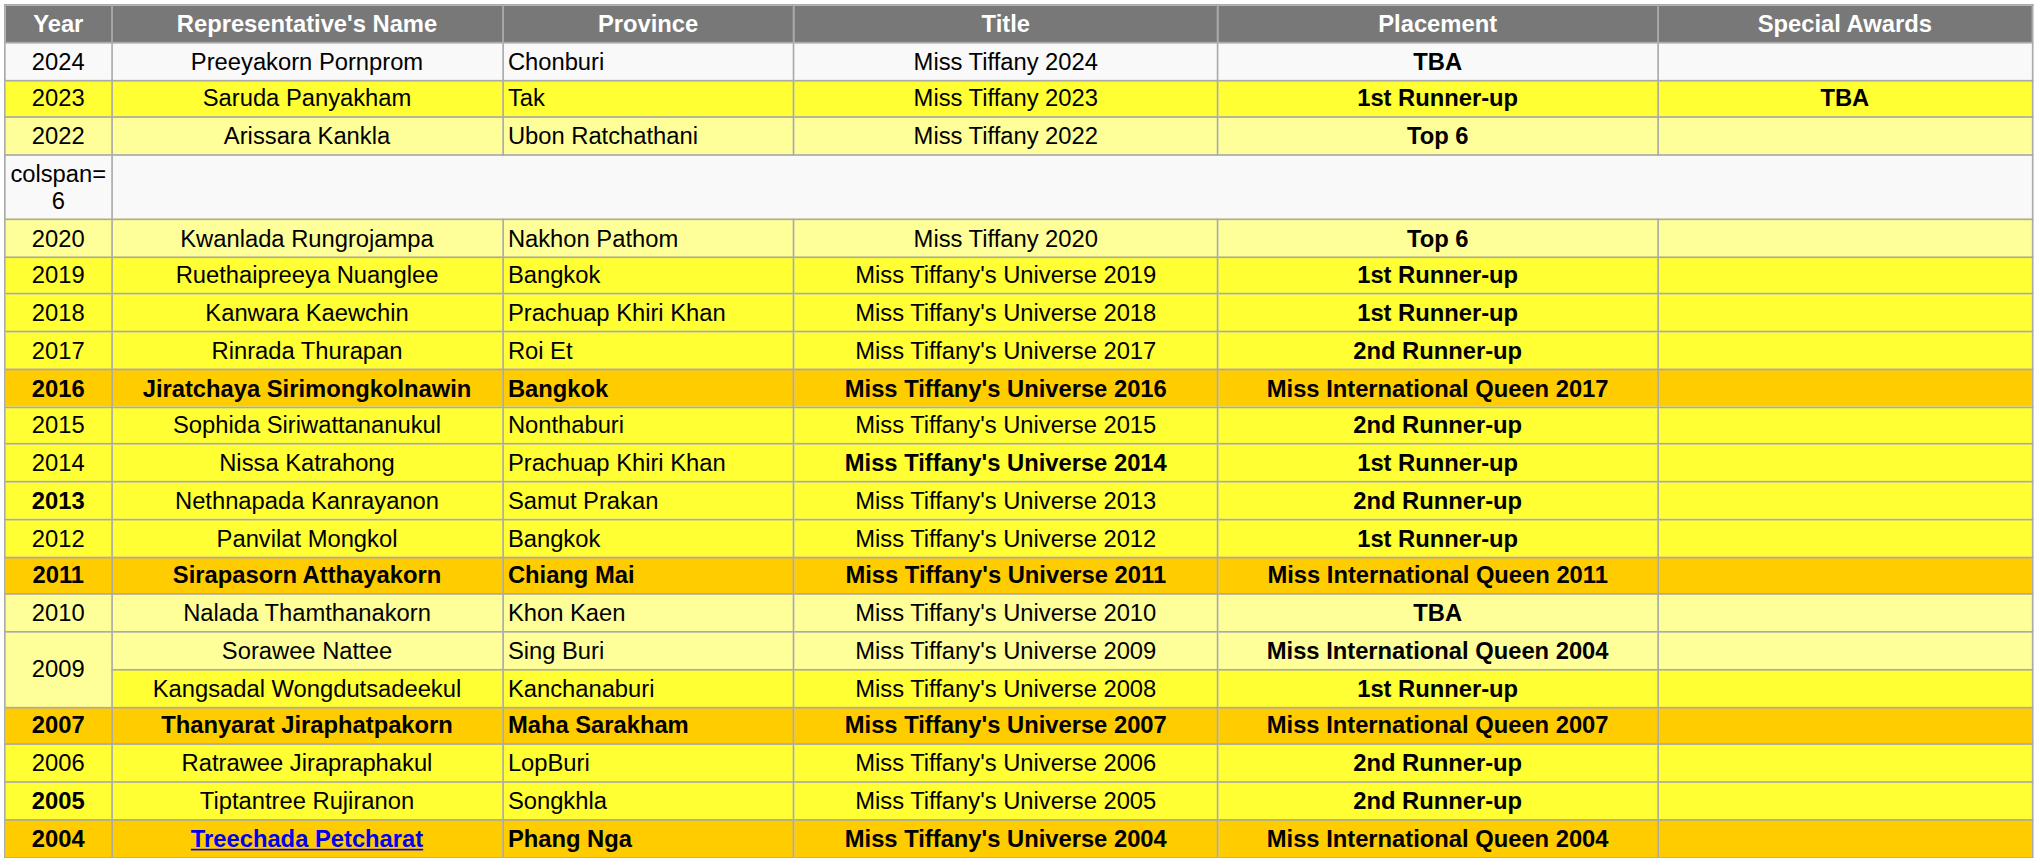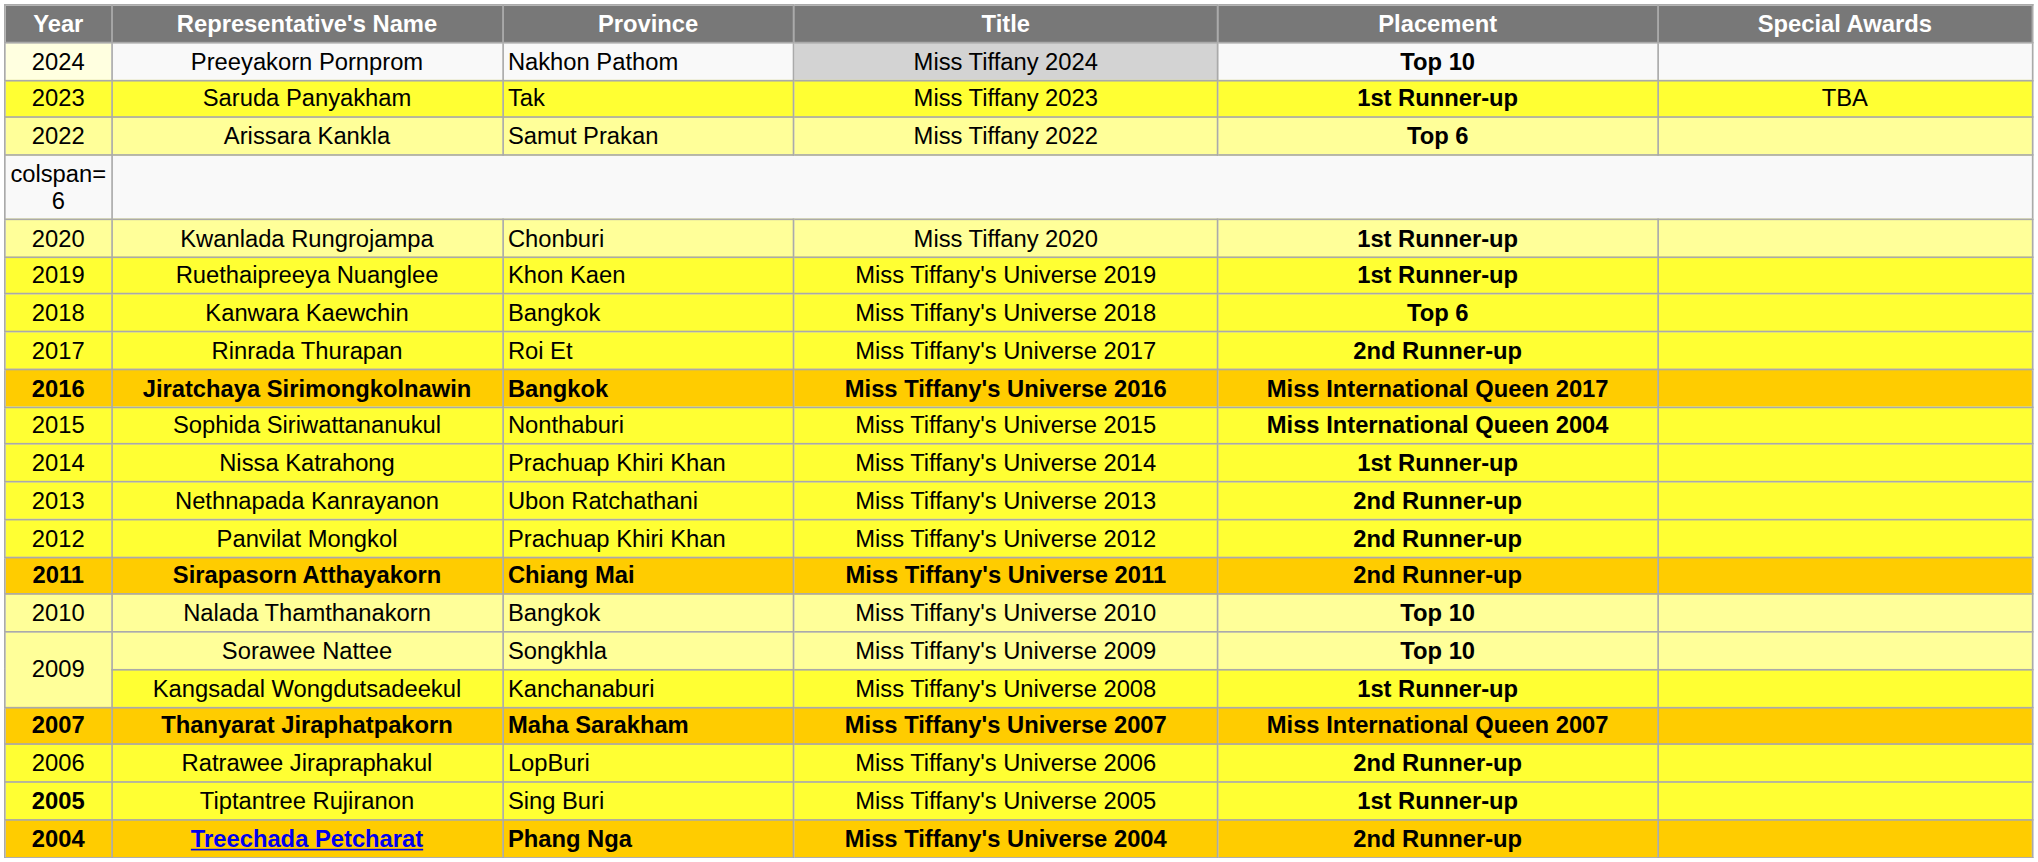 <table class="wikitable" style="font-size: 90%; text-align:center">
 <tr>
 <th width="40" style="background-color:#787878;color:#FFFFFF;">Year</th>
 <th width="230" style="background-color:#787878;color:#FFFFFF;">Representative's Name</th>
 <th width="170" style="background-color:#787878;color:#FFFFFF;">Province</th>
 <th width="250" style="background-color:#787878;color:#FFFFFF;">Title</th>
 <th width="260" style="background-color:#787878;color:#FFFFFF;">Placement</th>
 <th width="220" style="background-color:#787878;color:#FFFFFF;">Special Awards</th>
 </tr>
 <tr>
-<td>2024</td>
+<td style="background: lightyellow;">2024</td>
 <td>Preeyakorn Pornprom</td>
-<td align=left>Chonburi</td>
-<td>Miss Tiffany 2024</td>
-<td><strong>TBA</strong></td>
+<td align=left>Nakhon Pathom</td>
+<td style="background: lightgrey;">Miss Tiffany 2024</td>
+<td><strong>Top 10</strong></td>
 </tr>
 <tr style="background-color:#FFFF33">
 <td>2023</td>
 <td>Saruda Panyakham</td>
 <td align=left>Tak</td>
 <td>Miss Tiffany 2023</td>
 <td><strong>1st Runner-up</strong></td>
-<td><strong>TBA</strong></td>
+<td>TBA</td>
 </tr>
 <tr style="background-color:#FFFF99">
 <td>2022</td>
 <td>Arissara Kankla</td>
-<td align=left>Ubon Ratchathani</td>
+<td align=left>Samut Prakan</td>
 <td>Miss Tiffany 2022</td>
 <td><strong>Top 6</strong></td>
 <td style="background:;"></td>
 </tr>
 <tr>
 <td>colspan= 6 </td>
 </tr>
 <tr style="background-color:#FFFF99">
 <td>2020</td>
 <td>Kwanlada Rungrojampa</td>
-<td align=left>Nakhon Pathom</td>
+<td align=left>Chonburi</td>
 <td>Miss Tiffany 2020</td>
-<td><strong>Top 6</strong></td>
+<td><strong>1st Runner-up</strong></td>
 <td style="background:;"></td>
 </tr>
 <tr style="background-color:#FFFF33">
 <td>2019</td>
 <td>Ruethaipreeya Nuanglee</td>
-<td align=left>Bangkok</td>
+<td align=left>Khon Kaen</td>
 <td>Miss Tiffany's Universe 2019</td>
 <td><strong>1st Runner-up</strong></td>
 <td></td>
 </tr>
 <tr style="background-color:#FFFF33">
 <td>2018</td>
 <td>Kanwara Kaewchin</td>
-<td align=left>Prachuap Khiri Khan</td>
+<td align=left>Bangkok</td>
 <td>Miss Tiffany's Universe 2018</td>
-<td><strong>1st Runner-up</strong></td>
+<td><strong>Top 6</strong></td>
 <td style="background:;"></td>
 </tr>
 <tr style="background-color:#FFFF33">
 <td>2017</td>
 <td>Rinrada Thurapan</td>
 <td align=left>Roi Et</td>
 <td>Miss Tiffany's Universe 2017</td>
 <td><strong>2nd Runner-up</strong></td>
 <td></td>
 </tr>
 <tr style="background-color:#FFCC00;">
 <td><strong>2016</strong></td>
 <td><strong>Jiratchaya Sirimongkolnawin</strong></td>
 <td align=left><strong>Bangkok</strong></td>
 <td><strong>Miss Tiffany's Universe 2016</strong></td>
 <td><strong>Miss International Queen 2017</strong></td>
 <td style="background:;"></td>
 </tr>
 <tr style="background-color:#FFFF33">
 <td>2015</td>
 <td>Sophida Siriwattananukul</td>
 <td align=left>Nonthaburi</td>
 <td>Miss Tiffany's Universe 2015</td>
-<td><strong>2nd Runner-up</strong></td>
+<td><strong>Miss International Queen 2004</strong></td>
 <td style="background:;"></td>
 </tr>
 <tr style="background-color:#FFFF33">
 <td>2014</td>
 <td>Nissa Katrahong</td>
 <td align=left>Prachuap Khiri Khan</td>
-<td><strong>Miss Tiffany's Universe 2014</strong></td>
+<td>Miss Tiffany's Universe 2014</td>
 <td><strong>1st Runner-up</strong></td>
 <td style="background:;"></td>
 </tr>
 <tr style="background-color:#FFFF33">
-<td><strong>2013</strong></td>
+<td>2013</td>
 <td>Nethnapada Kanrayanon</td>
-<td align=left>Samut Prakan</td>
+<td align=left>Ubon Ratchathani</td>
 <td>Miss Tiffany's Universe 2013</td>
 <td><strong>2nd Runner-up</strong></td>
 <td style="background:;"></td>
 </tr>
 <tr style="background-color:#FFFF33">
 <td>2012</td>
 <td>Panvilat Mongkol</td>
-<td align=left>Bangkok</td>
+<td align=left>Prachuap Khiri Khan</td>
 <td>Miss Tiffany's Universe 2012</td>
-<td><strong>1st Runner-up</strong></td>
+<td><strong>2nd Runner-up</strong></td>
 <td></td>
 </tr>
 <tr style="background-color:#FFCC00;">
 <td><strong>2011</strong></td>
 <td><strong>Sirapasorn Atthayakorn</strong></td>
 <td align=left><strong>Chiang Mai</strong></td>
 <td><strong>Miss Tiffany's Universe 2011</strong></td>
-<td><strong>Miss International Queen 2011</strong></td>
+<td><strong>2nd Runner-up</strong></td>
 <td style="background:;"></td>
 </tr>
 <tr style="background-color:#FFFF99">
 <td>2010</td>
 <td>Nalada Thamthanakorn</td>
-<td align=left>Khon Kaen</td>
+<td align=left>Bangkok</td>
 <td>Miss Tiffany's Universe 2010</td>
-<td><strong>TBA</strong></td>
+<td><strong>Top 10</strong></td>
 <td style="background:;"></td>
 </tr>
 <tr style="background-color:#FFFF99">
 <td rowspan="2">2009</td>
 <td>Sorawee Nattee</td>
-<td align=left>Sing Buri</td>
+<td align=left>Songkhla</td>
 <td>Miss Tiffany's Universe 2009</td>
-<td><strong>Miss International Queen 2004</strong></td>
+<td><strong>Top 10</strong></td>
 <td style="background:;"></td>
 </tr>
 <tr style="background-color:#FFFF33">
 <td>Kangsadal Wongdutsadeekul</td>
 <td align=left>Kanchanaburi</td>
 <td>Miss Tiffany's Universe 2008</td>
 <td><strong>1st Runner-up</strong></td>
 <td style="background:;"></td>
 </tr>
 <tr style="background-color:#FFCC00;">
 <td><strong>2007</strong></td>
 <td><strong>Thanyarat Jiraphatpakorn</strong></td>
 <td align=left><strong>Maha Sarakham</strong></td>
 <td><strong>Miss Tiffany's Universe 2007</strong></td>
 <td><strong>Miss International Queen 2007</strong></td>
 <td></td>
 </tr>
 <tr style="background-color:#FFFF33">
 <td>2006</td>
 <td>Ratrawee Jirapraphakul</td>
 <td align=left>LopBuri</td>
 <td>Miss Tiffany's Universe 2006</td>
 <td><strong>2nd Runner-up</strong></td>
 <td></td>
 </tr>
 <tr style="background-color:#FFFF33">
 <td><strong>2005</strong></td>
 <td>Tiptantree Rujiranon</td>
-<td align=left>Songkhla</td>
+<td align=left>Sing Buri</td>
 <td>Miss Tiffany's Universe 2005</td>
-<td><strong>2nd Runner-up</strong></td>
+<td><strong>1st Runner-up</strong></td>
 <td></td>
 </tr>
 <tr style="background-color:#FFCC00;">
 <td><strong>2004</strong></td>
 <td><strong><a href='#'>Treechada Petcharat</a></strong></td>
 <td align=left><strong>Phang Nga</strong></td>
 <td><strong>Miss Tiffany's Universe 2004</strong></td>
-<td><strong>Miss International Queen 2004</strong></td>
+<td><strong>2nd Runner-up</strong></td>
 <td style="background:;"></td>
 </tr>
 </table>
